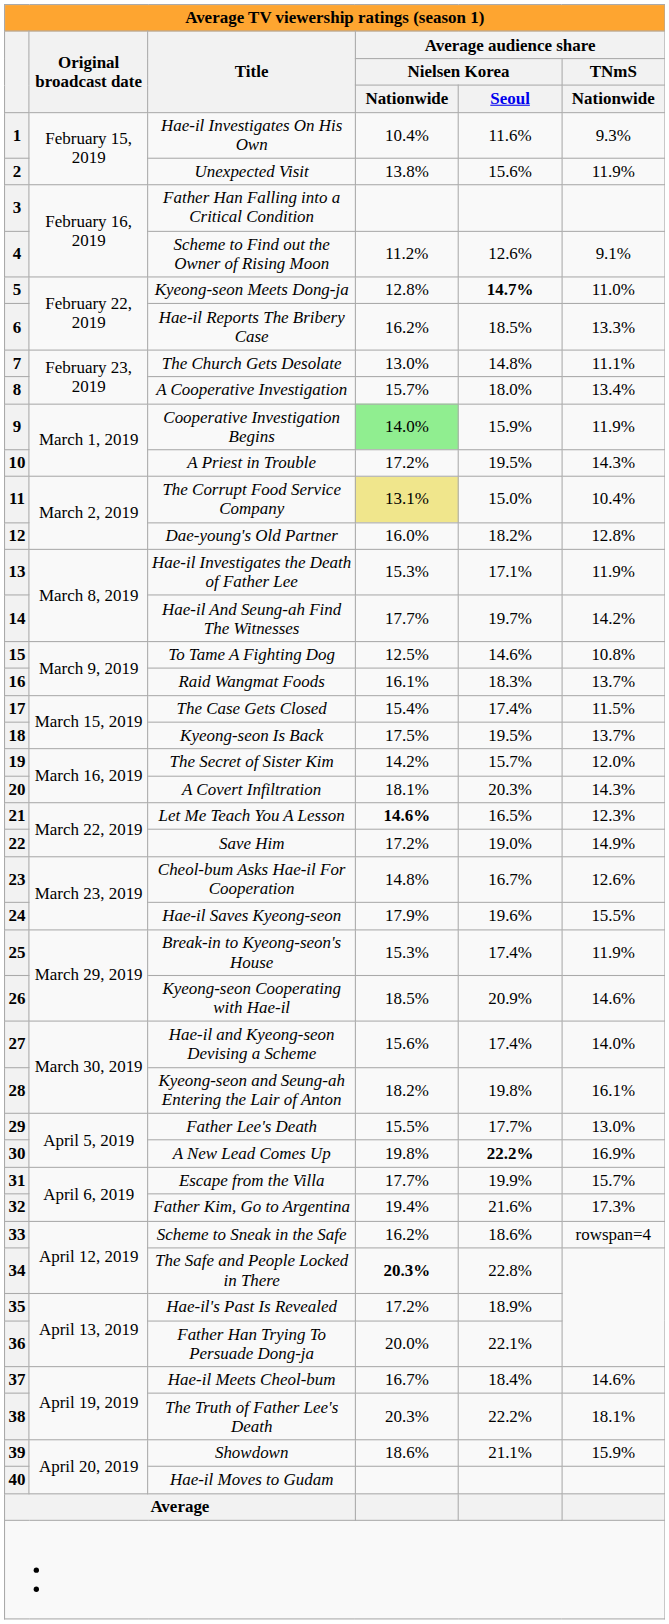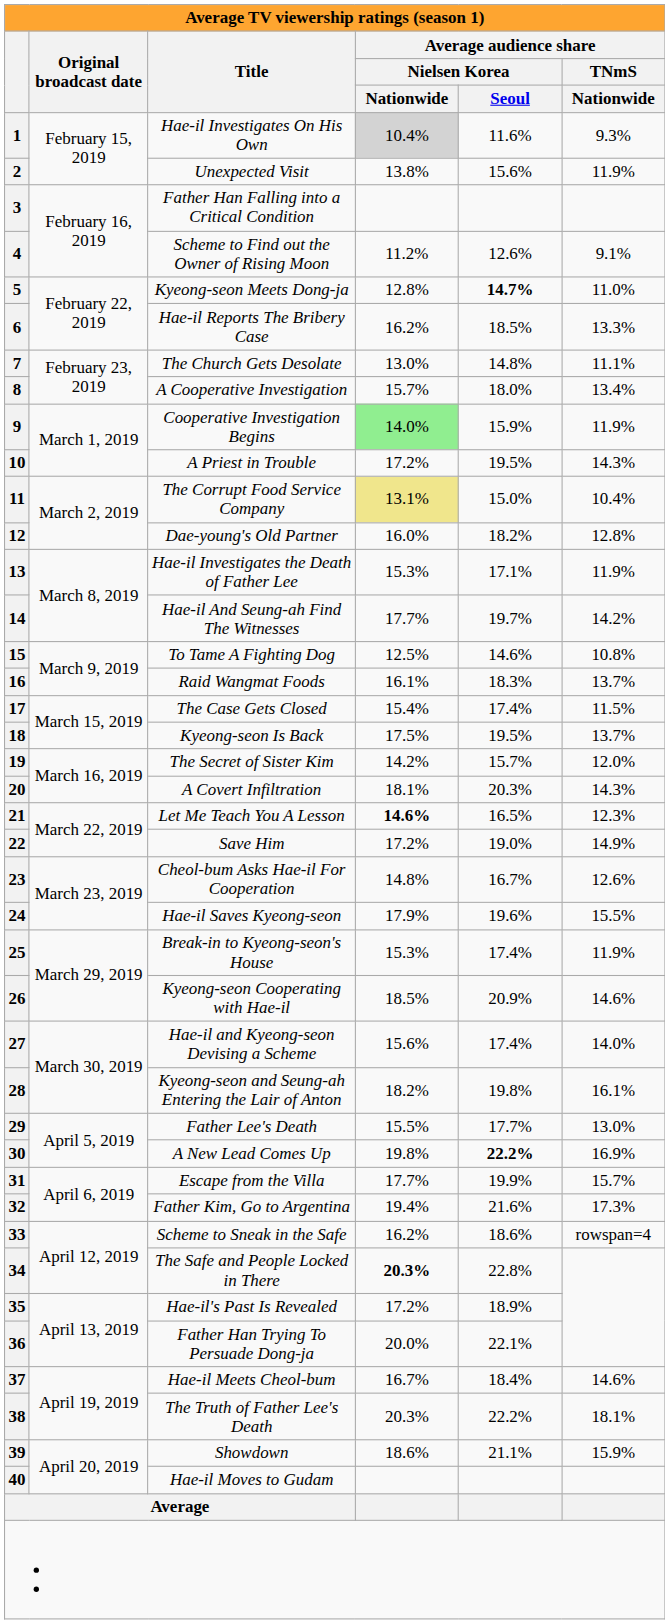 <table role="presentation" class="wikitable mw-collapsible mw-collapsed" style="margin-left:auto; margin-right:auto; width:auto; text-align:center">
 <tr>
 <th colspan="6" style="background:#FEA530; text-align:center">Average TV viewership ratings (season 1)</th>
 </tr>
 <tr>
 <th rowspan="3"></th>
 <th rowspan="3">Original broadcast date</th>
 <th rowspan="3">Title</th>
 <th colspan="3">Average audience share</th>
 </tr>
 <tr>
 <th colspan="2">Nielsen Korea</th>
 <th colspan="1">TNmS</th>
 </tr>
 <tr>
 <th width="90">Nationwide</th>
 <th width="90"><a href='#'>Seoul</a></th>
 <th width="90">Nationwide</th>
 </tr>
 <tr>
 <th>1</th>
 <td rowspan="2">February 15, 2019</td>
 <td><em>Hae-il Investigates On His Own</em></td>
-<td>10.4% </td>
+<td style="background: lightgrey;">10.4% </td>
 <td>11.6% </td>
 <td>9.3%</td>
 </tr>
 <tr>
 <th>2</th>
 <td><em>Unexpected Visit</em></td>
 <td>13.8% </td>
 <td>15.6% </td>
 <td>11.9%</td>
 </tr>
 <tr>
 <th>3</th>
 <td rowspan="2">February 16, 2019</td>
 <td><em>Father Han Falling into a Critical Condition</em></td>
 <td><strong></strong> </td>
 <td><strong></strong> </td>
 <td><strong></strong></td>
 </tr>
 <tr>
 <th>4</th>
 <td><em>Scheme to Find out the Owner of Rising Moon</em></td>
 <td>11.2% </td>
 <td>12.6% </td>
 <td>9.1%</td>
 </tr>
 <tr>
 <th>5</th>
 <td rowspan="2">February 22, 2019</td>
 <td><em>Kyeong-seon Meets Dong-ja</em></td>
 <td>12.8% </td>
 <td><strong>14.7% </strong></td>
 <td>11.0%</td>
 </tr>
 <tr>
 <th>6</th>
 <td><em>Hae-il Reports The Bribery Case</em></td>
 <td>16.2% </td>
 <td>18.5% </td>
 <td>13.3%</td>
 </tr>
 <tr>
 <th>7</th>
 <td rowspan="2">February 23, 2019</td>
 <td><em>The Church Gets Desolate</em></td>
 <td>13.0% </td>
 <td>14.8% </td>
 <td>11.1%</td>
 </tr>
 <tr>
 <th>8</th>
 <td><em>A Cooperative Investigation</em></td>
 <td>15.7% </td>
 <td>18.0% </td>
 <td>13.4%</td>
 </tr>
 <tr>
 <th>9</th>
 <td rowspan="2">March 1, 2019</td>
 <td><em>Cooperative Investigation Begins</em></td>
 <td style="background: lightgreen;">14.0% </td>
 <td>15.9% </td>
 <td>11.9%</td>
 </tr>
 <tr>
 <th>10</th>
 <td><em>A Priest in Trouble</em></td>
 <td>17.2% </td>
 <td>19.5% </td>
 <td>14.3%</td>
 </tr>
 <tr>
 <th>11</th>
 <td rowspan="2">March 2, 2019</td>
 <td><em>The Corrupt Food Service Company</em></td>
 <td style="background: khaki;">13.1% </td>
 <td>15.0% </td>
 <td>10.4%</td>
 </tr>
 <tr>
 <th>12</th>
 <td><em>Dae-young's Old Partner</em></td>
 <td>16.0% </td>
 <td>18.2% </td>
 <td>12.8%</td>
 </tr>
 <tr>
 <th>13</th>
 <td rowspan="2">March 8, 2019</td>
 <td><em>Hae-il Investigates the Death of Father Lee</em></td>
 <td>15.3% </td>
 <td>17.1% </td>
 <td>11.9%</td>
 </tr>
 <tr>
 <th>14</th>
 <td><em>Hae-il And Seung-ah Find The Witnesses</em></td>
 <td>17.7% </td>
 <td>19.7% </td>
 <td>14.2%</td>
 </tr>
 <tr>
 <th>15</th>
 <td rowspan="2">March 9, 2019</td>
 <td><em>To Tame A Fighting Dog</em></td>
 <td>12.5% </td>
 <td>14.6% </td>
 <td>10.8%</td>
 </tr>
 <tr>
 <th>16</th>
 <td><em>Raid Wangmat Foods</em></td>
 <td>16.1% </td>
 <td>18.3% </td>
 <td>13.7%</td>
 </tr>
 <tr>
 <th>17</th>
 <td rowspan="2">March 15, 2019</td>
 <td><em>The Case Gets Closed</em></td>
 <td>15.4% </td>
 <td>17.4% </td>
 <td>11.5%</td>
 </tr>
 <tr>
 <th>18</th>
 <td><em>Kyeong-seon Is Back</em></td>
 <td>17.5% </td>
 <td>19.5% </td>
 <td>13.7%</td>
 </tr>
 <tr>
 <th>19</th>
 <td rowspan="2">March 16, 2019</td>
 <td><em>The Secret of Sister Kim</em></td>
 <td>14.2% </td>
 <td>15.7% </td>
 <td>12.0%</td>
 </tr>
 <tr>
 <th>20</th>
 <td><em>A Covert Infiltration</em></td>
 <td>18.1% </td>
 <td>20.3% </td>
 <td>14.3%</td>
 </tr>
 <tr>
 <th>21</th>
 <td rowspan="2">March 22, 2019</td>
 <td><em>Let Me Teach You A Lesson</em></td>
 <td><strong>14.6% </strong></td>
 <td>16.5% </td>
 <td>12.3%</td>
 </tr>
 <tr>
 <th>22</th>
 <td><em>Save Him</em></td>
 <td>17.2% </td>
 <td>19.0% </td>
 <td>14.9%</td>
 </tr>
 <tr>
 <th>23</th>
 <td rowspan="2">March 23, 2019</td>
 <td><em>Cheol-bum Asks Hae-il For Cooperation</em></td>
 <td>14.8% </td>
 <td>16.7% </td>
 <td>12.6%</td>
 </tr>
 <tr>
 <th>24</th>
 <td><em>Hae-il Saves Kyeong-seon</em></td>
 <td>17.9% </td>
 <td>19.6% </td>
 <td>15.5%</td>
 </tr>
 <tr>
 <th>25</th>
 <td rowspan="2">March 29, 2019</td>
 <td><em>Break-in to Kyeong-seon's House</em></td>
 <td>15.3% </td>
 <td>17.4% </td>
 <td>11.9%</td>
 </tr>
 <tr>
 <th>26</th>
 <td><em>Kyeong-seon Cooperating with Hae-il</em></td>
 <td>18.5% </td>
 <td>20.9% </td>
 <td>14.6%</td>
 </tr>
 <tr>
 <th>27</th>
 <td rowspan="2">March 30, 2019</td>
 <td><em>Hae-il and Kyeong-seon Devising a Scheme</em></td>
 <td>15.6% </td>
 <td>17.4% </td>
 <td>14.0%</td>
 </tr>
 <tr>
 <th>28</th>
 <td><em>Kyeong-seon and Seung-ah Entering the Lair of Anton</em></td>
 <td>18.2% </td>
 <td>19.8% </td>
 <td>16.1%</td>
 </tr>
 <tr>
 <th>29</th>
 <td rowspan="2">April 5, 2019</td>
 <td><em>Father Lee's Death</em></td>
 <td>15.5% </td>
 <td>17.7% </td>
 <td>13.0%</td>
 </tr>
 <tr>
 <th>30</th>
 <td><em>A New Lead Comes Up</em></td>
 <td>19.8% </td>
 <td><strong>22.2% </strong></td>
 <td>16.9%</td>
 </tr>
 <tr>
 <th>31</th>
 <td rowspan="2">April 6, 2019</td>
 <td><em>Escape from the Villa</em></td>
 <td>17.7% </td>
 <td>19.9% </td>
 <td>15.7%</td>
 </tr>
 <tr>
 <th>32</th>
 <td><em>Father Kim, Go to Argentina</em></td>
 <td>19.4% </td>
 <td>21.6% </td>
 <td>17.3%</td>
 </tr>
 <tr>
 <th>33</th>
 <td rowspan="2">April 12, 2019</td>
 <td><em>Scheme to Sneak in the Safe</em></td>
 <td>16.2% </td>
 <td>18.6% </td>
 <td>rowspan=4 </td>
 </tr>
 <tr>
 <th>34</th>
 <td><em>The Safe and People Locked in There</em></td>
 <td><strong>20.3% </strong></td>
 <td>22.8% </td>
 </tr>
 <tr>
 <th>35</th>
 <td rowspan="2">April 13, 2019</td>
 <td><em>Hae-il's Past Is Revealed</em></td>
 <td>17.2% </td>
 <td>18.9% </td>
 </tr>
 <tr>
 <th>36</th>
 <td><em>Father Han Trying To Persuade Dong-ja</em></td>
 <td>20.0% </td>
 <td>22.1% </td>
 </tr>
 <tr>
 <th>37</th>
 <td rowspan="2">April 19, 2019</td>
 <td><em>Hae-il Meets Cheol-bum</em></td>
 <td>16.7% </td>
 <td>18.4% </td>
 <td>14.6%</td>
 </tr>
 <tr>
 <th>38</th>
 <td><em>The Truth of Father Lee's Death</em></td>
 <td>20.3% </td>
 <td>22.2% </td>
 <td>18.1%</td>
 </tr>
 <tr>
 <th>39</th>
 <td rowspan="2">April 20, 2019</td>
 <td><em>Showdown</em></td>
 <td>18.6% </td>
 <td>21.1% </td>
 <td>15.9%</td>
 </tr>
 <tr>
 <th>40</th>
 <td><em>Hae-il Moves to Gudam</em></td>
 <td><strong> </strong></td>
 <td><strong> </strong></td>
 <td><strong></strong></td>
 </tr>
 <tr>
 <th colspan="3">Average</th>
 <th></th>
 <th></th>
 <th></th>
 </tr>
 <tr>
 <td colspan="6"><br><ul><li></li><li></li></ul></td>
 </tr>
 </table>
